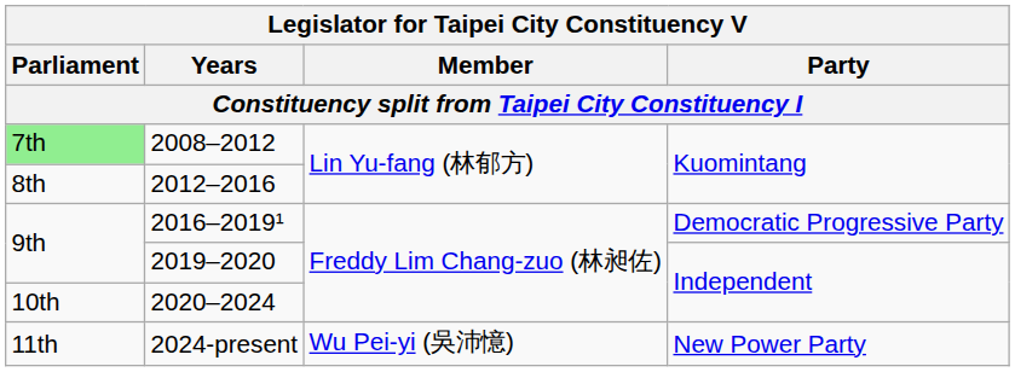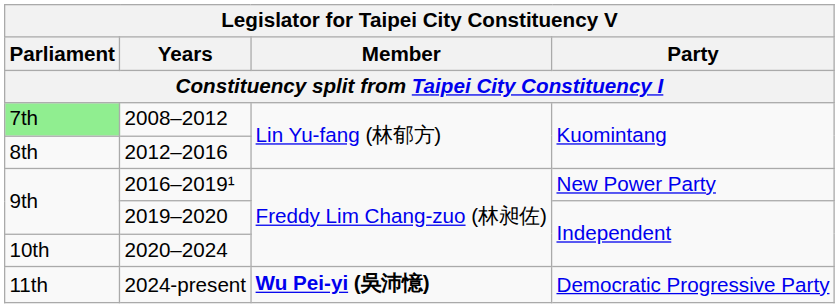 <table class=wikitable>
 <tr>
 <th colspan="4">Legislator for Taipei City Constituency V</th>
 </tr>
 <tr>
 <th>Parliament</th>
 <th>Years</th>
 <th>Member</th>
 <th>Party</th>
 </tr>
 <tr>
 <th colspan=4 align=center><em>Constituency split from <a href='#'>Taipei City Constituency I</a> </em></th>
 </tr>
 <tr>
 <td style="background: lightgreen;">7th</td>
 <td>2008–2012</td>
 <td rowspan=2><a href='#'>Lin Yu-fang</a> (林郁方)</td>
 <td rowspan=2><a href='#'>Kuomintang</a></td>
 </tr>
 <tr>
 <td>8th</td>
 <td>2012–2016</td>
 </tr>
 <tr>
 <td rowspan=2>9th</td>
 <td>2016–2019¹</td>
 <td rowspan=3><a href='#'>Freddy Lim Chang-zuo</a> (林昶佐)</td>
-<td><a href='#'>Democratic Progressive Party</a></td>
+<td><a href='#'>New Power Party</a></td>
 </tr>
 <tr>
 <td>2019–2020</td>
 <td rowspan=2><a href='#'>Independent</a></td>
 </tr>
 <tr>
 <td>10th</td>
 <td>2020–2024</td>
 </tr>
 <tr>
 <td>11th</td>
 <td>2024-present</td>
-<td><a href='#'>Wu Pei-yi</a> (吳沛憶)</td>
-<td><a href='#'>New Power Party</a></td>
+<td><strong><a href='#'>Wu Pei-yi</a> (吳沛憶)</strong></td>
+<td><a href='#'>Democratic Progressive Party</a></td>
 </tr>
 </table>
